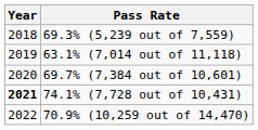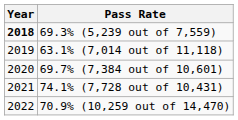 <table class="wikitable">
 <tr>
 <th>Year</th>
 <th>Pass Rate</th>
 </tr>
 <tr>
-<td>2018</td>
+<td><strong>2018</strong></td>
 <td>69.3% (5,239 out of 7,559)</td>
 </tr>
 <tr>
 <td>2019</td>
 <td>63.1% (7,014 out of 11,118)</td>
 </tr>
 <tr>
 <td>2020</td>
 <td>69.7% (7,384 out of 10,601)</td>
 </tr>
 <tr>
-<td><strong>2021</strong></td>
+<td>2021</td>
 <td>74.1% (7,728 out of 10,431)</td>
 </tr>
 <tr>
 <td>2022</td>
 <td>70.9% (10,259 out of 14,470)</td>
 </tr>
 </table>
